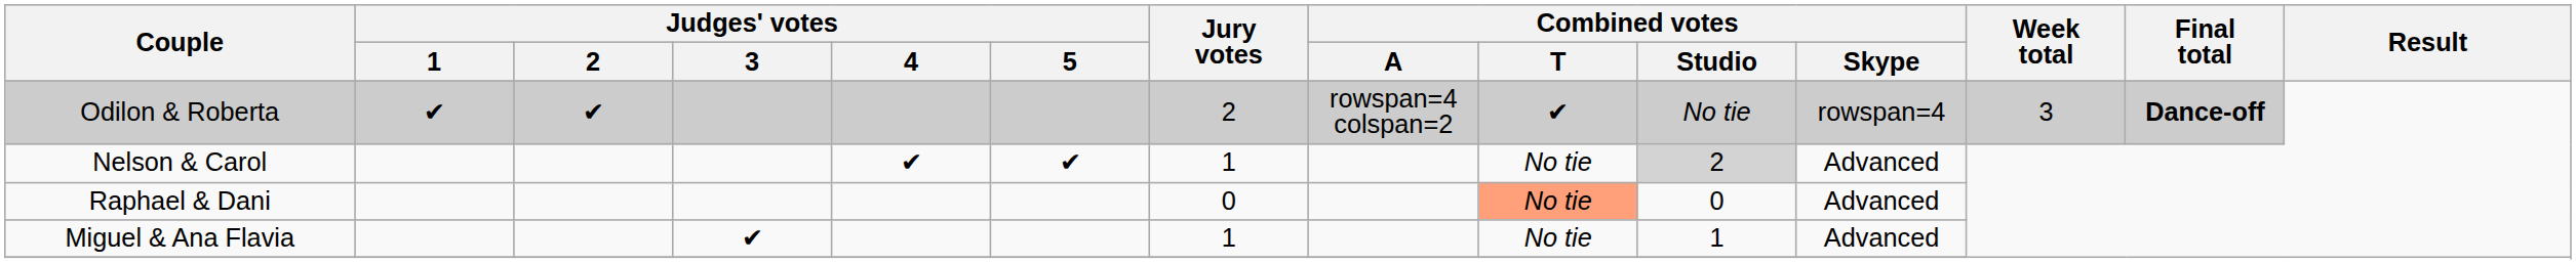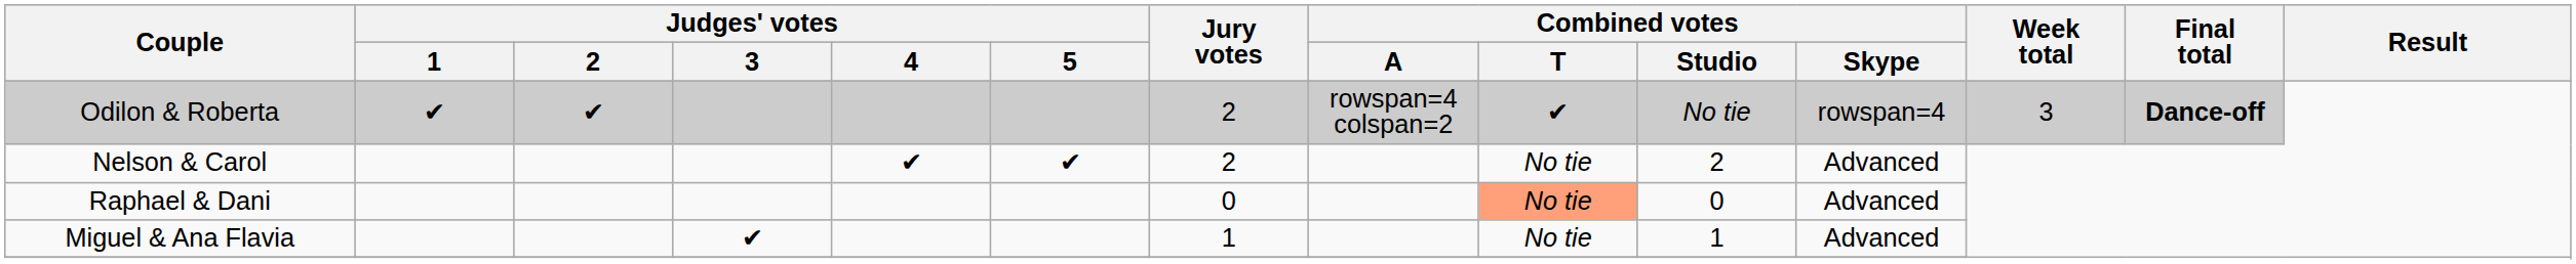 <table class="wikitable" style="font-size:100%; line-height:16px; text-align:center" width="100%">
 <tr>
 <th rowspan=2 width="11.00%">Couple</th>
 <th colspan=5 width="25.00%">Judges' votes</th>
 <th rowspan=2 width="05.00%">Jury<br>votes</th>
 <th colspan=4 width="20.00%">Combined votes</th>
 <th rowspan=2 width="05.00%">Week<br>total</th>
 <th rowspan=2 width="05.00%">Final<br>total</th>
 <th rowspan=2 width="09.00%">Result</th>
 </tr>
 <tr>
 <th width="05.00%">1</th>
 <th width="05.00%">2</th>
 <th width="05.00%">3</th>
 <th width="05.00%">4</th>
 <th width="05.00%">5</th>
 <th width="05.00%">A</th>
 <th width="05.00%">T</th>
 <th width="05.00%">Studio</th>
 <th width="05.00%">Skype</th>
 </tr>
 <tr bgcolor="CCCCCC">
 <td>Odilon & Roberta</td>
 <td>✔</td>
 <td>✔</td>
 <td></td>
 <td></td>
 <td></td>
 <td>2</td>
 <td>rowspan=4 colspan=2 </td>
 <td>✔</td>
 <td><em>No tie</em></td>
 <td>rowspan=4 </td>
 <td>3</td>
 <td><strong>Dance-off</strong></td>
 </tr>
 <tr>
 <td>Nelson & Carol</td>
 <td></td>
 <td></td>
 <td></td>
 <td>✔</td>
 <td>✔</td>
-<td>1</td>
+<td>2</td>
 <td></td>
 <td><em>No tie</em></td>
-<td style="background: lightgrey;">2</td>
+<td>2</td>
 <td>Advanced</td>
 </tr>
 <tr>
 <td>Raphael & Dani</td>
 <td></td>
 <td></td>
 <td></td>
 <td></td>
 <td></td>
 <td>0</td>
 <td></td>
 <td style="background: lightsalmon;"><em>No tie</em></td>
 <td>0</td>
 <td>Advanced</td>
 </tr>
 <tr>
 <td>Miguel & Ana Flavia</td>
 <td></td>
 <td></td>
 <td>✔</td>
 <td></td>
 <td></td>
 <td>1</td>
 <td></td>
 <td><em>No tie</em></td>
 <td>1</td>
 <td>Advanced</td>
 </tr>
 <tr>
 </tr>
 </table>
